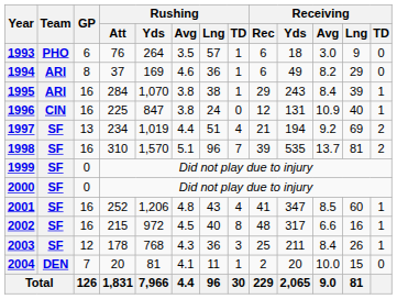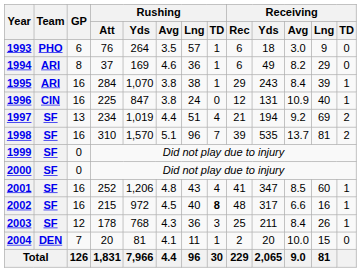 <table class=wikitable style="text-align:center;">
 <tr>
 <th rowspan="2">Year</th>
 <th rowspan="2">Team</th>
 <th rowspan="2">GP</th>
 <th colspan="5">Rushing</th>
 <th colspan="5">Receiving</th>
 </tr>
 <tr>
 <th>Att</th>
 <th>Yds</th>
 <th>Avg</th>
 <th>Lng</th>
 <th>TD</th>
 <th>Rec</th>
 <th>Yds</th>
 <th>Avg</th>
 <th>Lng</th>
 <th>TD</th>
 </tr>
 <tr>
 <th><a href='#'>1993</a></th>
 <th><a href='#'>PHO</a></th>
 <td>6</td>
 <td>76</td>
 <td>264</td>
 <td>3.5</td>
 <td>57</td>
 <td>1</td>
 <td>6</td>
 <td>18</td>
 <td>3.0</td>
 <td>9</td>
 <td>0</td>
 </tr>
 <tr>
 <th><a href='#'>1994</a></th>
 <th><a href='#'>ARI</a></th>
 <td>8</td>
 <td>37</td>
 <td>169</td>
 <td>4.6</td>
 <td>36</td>
 <td>1</td>
 <td>6</td>
 <td>49</td>
 <td>8.2</td>
 <td>29</td>
 <td>0</td>
 </tr>
 <tr>
 <th><a href='#'>1995</a></th>
 <th><a href='#'>ARI</a></th>
 <td>16</td>
 <td>284</td>
 <td>1,070</td>
 <td>3.8</td>
 <td>38</td>
 <td>1</td>
 <td>29</td>
 <td>243</td>
 <td>8.4</td>
 <td>39</td>
 <td>1</td>
 </tr>
 <tr>
 <th><a href='#'>1996</a></th>
 <th><a href='#'>CIN</a></th>
 <td>16</td>
 <td>225</td>
 <td>847</td>
 <td>3.8</td>
 <td>24</td>
 <td>0</td>
 <td>12</td>
 <td>131</td>
 <td>10.9</td>
 <td>40</td>
 <td>1</td>
 </tr>
 <tr>
 <th><a href='#'>1997</a></th>
 <th><a href='#'>SF</a></th>
 <td>13</td>
 <td>234</td>
 <td>1,019</td>
 <td>4.4</td>
 <td>51</td>
 <td>4</td>
 <td>21</td>
 <td>194</td>
 <td>9.2</td>
 <td>69</td>
 <td>2</td>
 </tr>
 <tr>
 <th><a href='#'>1998</a></th>
 <th><a href='#'>SF</a></th>
 <td>16</td>
 <td>310</td>
 <td>1,570</td>
 <td>5.1</td>
 <td>96</td>
 <td>7</td>
 <td>39</td>
 <td>535</td>
 <td>13.7</td>
 <td>81</td>
 <td>2</td>
 </tr>
 <tr>
 <th><a href='#'>1999</a></th>
 <th><a href='#'>SF</a></th>
 <td>0</td>
 <td colspan="10"><em>Did not play due to injury</em></td>
 </tr>
 <tr>
 <th><a href='#'>2000</a></th>
 <th><a href='#'>SF</a></th>
 <td>0</td>
 <td colspan="10"><em>Did not play due to injury</em></td>
 </tr>
 <tr>
 <th><a href='#'>2001</a></th>
 <th><a href='#'>SF</a></th>
 <td>16</td>
 <td>252</td>
 <td>1,206</td>
 <td>4.8</td>
 <td>43</td>
 <td>4</td>
 <td>41</td>
 <td>347</td>
 <td>8.5</td>
 <td>60</td>
 <td>1</td>
 </tr>
 <tr>
 <th><a href='#'>2002</a></th>
 <th><a href='#'>SF</a></th>
 <td>16</td>
 <td>215</td>
 <td>972</td>
 <td>4.5</td>
 <td>40</td>
-<td>8</td>
+<td><strong>8</strong></td>
 <td>48</td>
 <td>317</td>
 <td>6.6</td>
 <td>16</td>
 <td>1</td>
 </tr>
 <tr>
 <th><a href='#'>2003</a></th>
 <th><a href='#'>SF</a></th>
 <td>12</td>
 <td>178</td>
 <td>768</td>
 <td>4.3</td>
 <td>36</td>
 <td>3</td>
 <td>25</td>
 <td>211</td>
 <td>8.4</td>
 <td>26</td>
 <td>1</td>
 </tr>
 <tr>
 <th><a href='#'>2004</a></th>
 <th><a href='#'>DEN</a></th>
 <td>7</td>
 <td>20</td>
 <td>81</td>
 <td>4.1</td>
 <td>11</td>
 <td>1</td>
 <td>2</td>
 <td>20</td>
 <td>10.0</td>
 <td>15</td>
 <td>0</td>
 </tr>
 <tr>
 <th colspan="2">Total</th>
 <th>126</th>
 <th>1,831</th>
 <th>7,966</th>
 <th>4.4</th>
 <th>96</th>
 <th>30</th>
 <th>229</th>
 <th>2,065</th>
 <th>9.0</th>
 <th>81</th>
 <th></th>
 </tr>
 </table>
